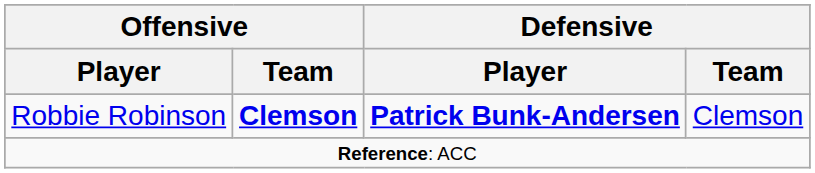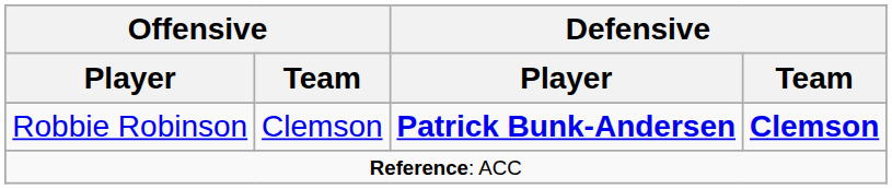 <table class="wikitable">
 <tr>
 <th colspan="2">Offensive</th>
 <th colspan="2">Defensive</th>
 </tr>
 <tr>
 <th>Player</th>
 <th>Team</th>
 <th>Player</th>
 <th>Team</th>
 </tr>
 <tr>
 <td><a href='#'>Robbie Robinson</a></td>
+<td><a href='#'>Clemson</a></td>
+<td><strong><a href='#'>Patrick Bunk-Andersen</a></strong></td>
 <td><strong><a href='#'>Clemson</a></strong></td>
-<td><strong><a href='#'>Patrick Bunk-Andersen</a></strong></td>
-<td><a href='#'>Clemson</a></td>
 </tr>
 <tr>
 <td colspan="12"  style="font-size:8pt; text-align:center;"><strong>Reference</strong>: ACC</td>
 </tr>
 </table>
